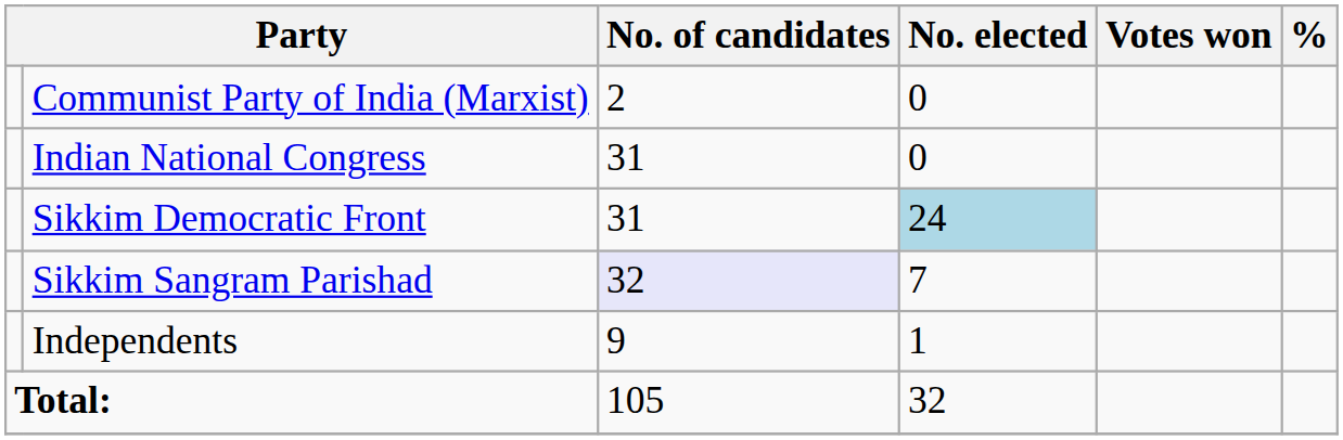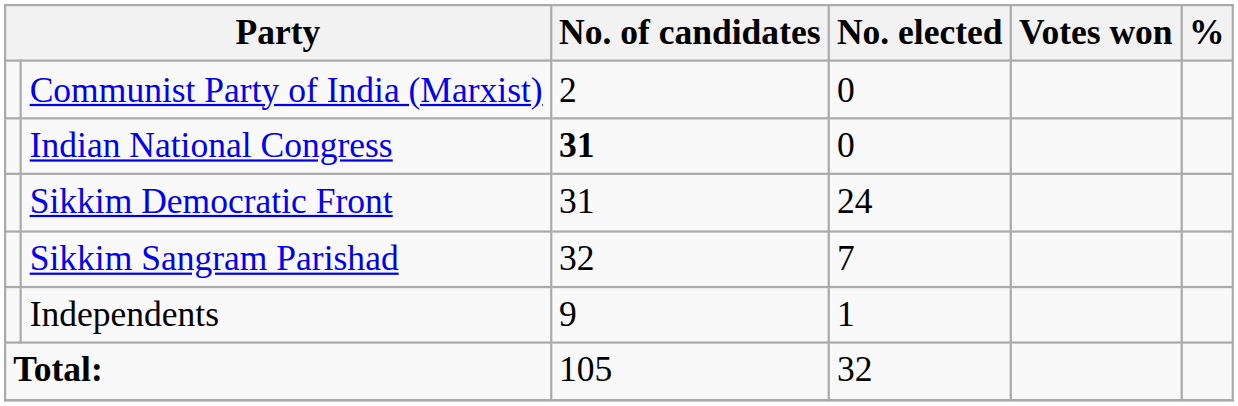 <table class="wikitable">
 <tr>
 <th colspan=2>Party</th>
 <th>No. of candidates</th>
 <th>No. elected</th>
 <th>Votes won</th>
 <th>%</th>
 </tr>
 <tr>
 <td bgcolor=></td>
 <td><a href='#'>Communist Party of India (Marxist)</a></td>
 <td>2</td>
 <td>0</td>
 <td></td>
 <td></td>
 </tr>
 <tr>
 <td bgcolor=></td>
 <td><a href='#'>Indian National Congress</a></td>
-<td>31</td>
+<td><strong>31</strong></td>
 <td>0</td>
 <td></td>
 <td></td>
 </tr>
 <tr>
 <td bgcolor=></td>
 <td><a href='#'>Sikkim Democratic Front</a></td>
 <td>31</td>
-<td style="background: lightblue;">24</td>
+<td>24</td>
 <td></td>
 <td></td>
 </tr>
 <tr>
 <td bgcolor=></td>
 <td><a href='#'>Sikkim Sangram Parishad</a></td>
-<td style="background: lavender;">32</td>
+<td>32</td>
 <td>7</td>
 <td></td>
 <td></td>
 </tr>
 <tr>
 <td bgcolor=></td>
 <td>Independents</td>
 <td>9</td>
 <td>1</td>
 <td></td>
 <td></td>
 </tr>
 <tr>
 <td colspan=2><strong>Total:</strong></td>
 <td>105</td>
 <td>32</td>
 <td></td>
 <td></td>
 </tr>
 <tr>
 </tr>
 </table>
